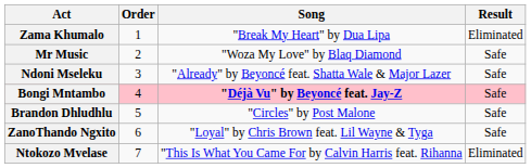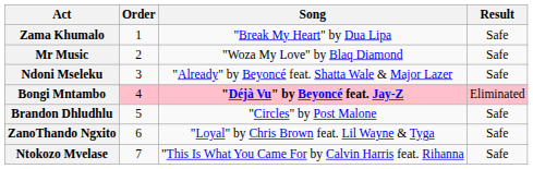 <table class="wikitable plainrowheaders" style="text-align:center;">
 <tr>
 <th scope"col">Act</th>
 <th scope"col">Order</th>
 <th scope"col">Song</th>
 <th scope"col">Result</th>
 </tr>
 <tr>
 <th scope=row>Zama Khumalo</th>
 <td>1</td>
 <td>"<a href='#'>Break My Heart</a>" by <a href='#'>Dua Lipa</a></td>
-<td>Eliminated</td>
+<td>Safe</td>
 </tr>
 <tr>
 <th scope=row>Mr Music</th>
 <td>2</td>
 <td>"Woza My Love" by <a href='#'>Blaq Diamond</a></td>
 <td>Safe</td>
 </tr>
 <tr>
 <th scope=row>Ndoni Mseleku</th>
 <td>3</td>
 <td>"<a href='#'>Already</a>" by <a href='#'>Beyoncé</a> feat. <a href='#'>Shatta Wale</a> & <a href='#'>Major Lazer</a></td>
 <td>Safe</td>
 </tr>
 <tr style="background: pink">
 <th scope=row>Bongi Mntambo</th>
 <td>4</td>
 <td><strong>"<a href='#'>Déjà Vu</a>" by <a href='#'>Beyoncé</a> feat. <a href='#'>Jay-Z</a></strong></td>
-<td>Safe</td>
+<td>Eliminated</td>
 </tr>
 <tr>
 <th scope=row>Brandon Dhludhlu</th>
 <td>5</td>
 <td>"<a href='#'>Circles</a>" by <a href='#'>Post Malone</a></td>
 <td>Safe</td>
 </tr>
 <tr>
 <th scope=row>ZanoThando Ngxito</th>
 <td>6</td>
 <td>"<a href='#'>Loyal</a>" by <a href='#'>Chris Brown</a> feat. <a href='#'>Lil Wayne</a> & <a href='#'>Tyga</a></td>
 <td>Safe</td>
 </tr>
 <tr>
 <th scope=row>Ntokozo Mvelase</th>
 <td>7</td>
 <td>"<a href='#'>This Is What You Came For</a> by <a href='#'>Calvin Harris</a> feat. <a href='#'>Rihanna</a></td>
-<td>Eliminated</td>
+<td>Safe</td>
 </tr>
 </table>
